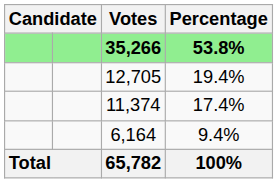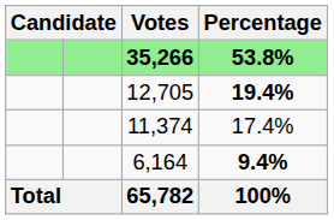 <table class="wikitable">
 <tr>
 <th colspan="2">Candidate</th>
 <th>Votes</th>
 <th>Percentage</th>
 </tr>
 <tr style="background:lightgreen;">
 <td></td>
 <td><strong></strong></td>
 <td style='text-align:center'><strong>35,266</strong></td>
 <td style='text-align:center'><strong>53.8%</strong></td>
 </tr>
 <tr>
 <td></td>
 <td></td>
 <td style='text-align:center'>12,705</td>
-<td style='text-align:center'>19.4%</td>
+<td style='text-align:center'><strong>19.4%</strong></td>
 </tr>
 <tr>
 <td></td>
 <td></td>
 <td style='text-align:center'>11,374</td>
 <td style='text-align:center'>17.4%</td>
 </tr>
 <tr>
 <td></td>
 <td></td>
 <td style='text-align:center'>6,164</td>
-<td style='text-align:center'>9.4%</td>
+<td style='text-align:center'><strong>9.4%</strong></td>
 </tr>
 <tr>
 <th colspan = "2" style="text-align:left;"><strong>Total</strong></th>
 <th style='text-align:center'><strong>65,782</strong></th>
 <th style='text-align:center'>100%</th>
 </tr>
 </table>
